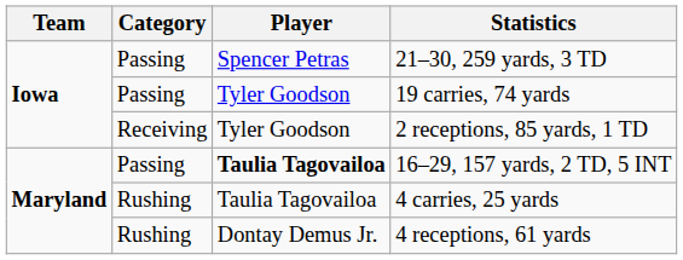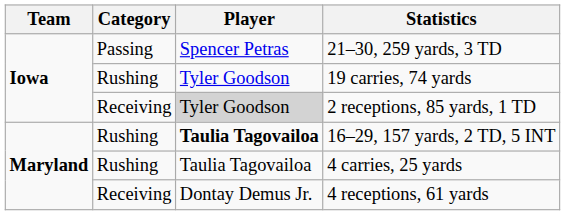 <table class="wikitable" style="float: right;">
 <tr>
 <th>Team</th>
 <th>Category</th>
 <th>Player</th>
 <th>Statistics</th>
 </tr>
 <tr>
 <td rowspan=3><strong>Iowa</strong></td>
 <td>Passing</td>
 <td><a href='#'>Spencer Petras</a></td>
 <td>21–30, 259 yards, 3 TD</td>
 </tr>
 <tr>
-<td>Passing</td>
+<td>Rushing</td>
 <td><a href='#'>Tyler Goodson</a></td>
 <td>19 carries, 74 yards</td>
 </tr>
 <tr>
 <td>Receiving</td>
-<td>Tyler Goodson</td>
+<td style="background: lightgrey;">Tyler Goodson</td>
 <td>2 receptions, 85 yards, 1 TD</td>
 </tr>
 <tr>
 <td rowspan=3><strong>Maryland</strong></td>
-<td>Passing</td>
+<td>Rushing</td>
 <td><strong>Taulia Tagovailoa</strong></td>
 <td>16–29, 157 yards, 2 TD, 5 INT</td>
 </tr>
 <tr>
 <td>Rushing</td>
 <td>Taulia Tagovailoa</td>
 <td>4 carries, 25 yards</td>
 </tr>
 <tr>
-<td>Rushing</td>
+<td>Receiving</td>
 <td>Dontay Demus Jr.</td>
 <td>4 receptions, 61 yards</td>
 </tr>
 </table>
